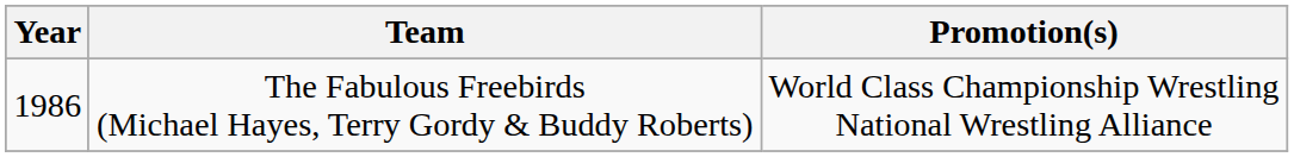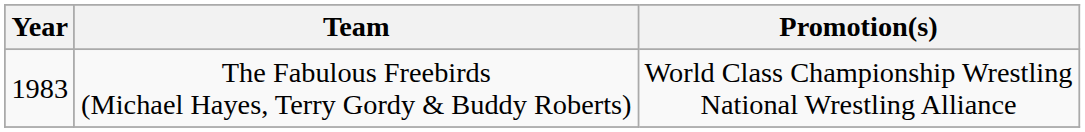 <table class="wikitable sortable" style="text-align: center">
 <tr>
 <th>Year</th>
 <th>Team</th>
 <th>Promotion(s)</th>
 </tr>
 <tr>
-<td>1986</td>
+<td>1983</td>
 <td>The Fabulous Freebirds<br>(Michael Hayes, Terry Gordy & Buddy Roberts)</td>
 <td>World Class Championship Wrestling<br>National Wrestling Alliance</td>
 </tr>
 </table>
